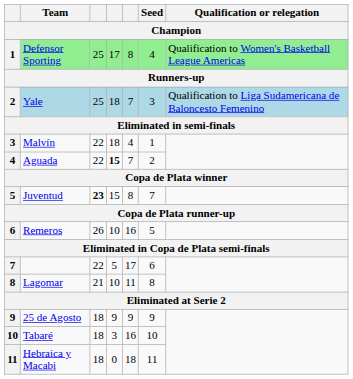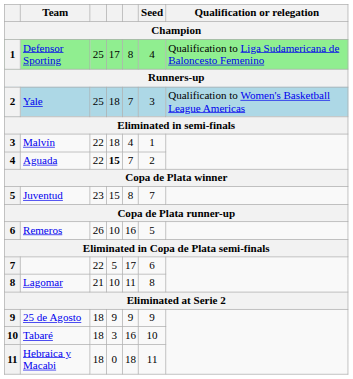 <table class="wikitable" width=80% style= align:center">
 <tr>
 <th></th>
 <th width:45%>Team</th>
 <th></th>
 <th></th>
 <th></th>
 <th>Seed</th>
 <th>Qualification or relegation</th>
 </tr>
 <tr>
 <th colspan="7">Champion</th>
 </tr>
 <tr bgcolor="lightgreen">
 <th>1</th>
 <td><a href='#'>Defensor Sporting</a></td>
 <td align="center">25</td>
 <td align="center">17</td>
 <td align="center">8</td>
 <td align="center">4</td>
-<td>Qualification to <a href='#'>Women's Basketball League Americas</a></td>
+<td>Qualification to <a href='#'>Liga Sudamericana de Baloncesto Femenino</a></td>
 </tr>
 <tr>
 <th colspan="7">Runners-up</th>
 </tr>
 <tr bgcolor="lightblue">
 <th>2</th>
 <td><a href='#'>Yale</a></td>
 <td align="center">25</td>
 <td align="center">18</td>
 <td align="center">7</td>
 <td align="center">3</td>
-<td>Qualification to <a href='#'>Liga Sudamericana de Baloncesto Femenino</a></td>
+<td>Qualification to <a href='#'>Women's Basketball League Americas</a></td>
 </tr>
 <tr>
 <th colspan="7">Eliminated in semi-finals</th>
 </tr>
 <tr>
 <th>3</th>
 <td><a href='#'>Malvín</a></td>
 <td align="center">22</td>
 <td align="center">18</td>
 <td align="center">4</td>
 <td align="center">1</td>
 <td rowspan="2"></td>
 </tr>
 <tr>
 <th>4</th>
 <td><a href='#'>Aguada</a></td>
 <td align="center">22</td>
 <td align="center"><strong>15</strong></td>
 <td align="center">7</td>
 <td align="center">2</td>
 </tr>
 <tr>
 <th colspan="7">Copa de Plata winner</th>
 </tr>
 <tr>
 <th>5</th>
 <td><a href='#'>Juventud</a></td>
-<td align="center"><strong>23</strong></td>
+<td align="center">23</td>
 <td align="center">15</td>
 <td align="center">8</td>
 <td align="center">7</td>
 <td></td>
 </tr>
 <tr>
 <th colspan="7">Copa de Plata runner-up</th>
 </tr>
 <tr>
 <th>6</th>
 <td><a href='#'>Remeros</a></td>
 <td align="center">26</td>
 <td align="center">10</td>
 <td align="center">16</td>
 <td align="center">5</td>
 <td></td>
 </tr>
 <tr>
 <th colspan="7">Eliminated in Copa de Plata semi-finals</th>
 </tr>
 <tr>
 <th>7</th>
 <td></td>
 <td align="center">22</td>
 <td align="center">5</td>
 <td align="center">17</td>
 <td align="center">6</td>
 <td rowspan="2"></td>
 </tr>
 <tr>
 <th>8</th>
 <td><a href='#'>Lagomar</a></td>
 <td align="center">21</td>
 <td align="center">10</td>
 <td align="center">11</td>
 <td align="center">8</td>
 </tr>
 <tr>
 <th colspan="7">Eliminated at Serie 2</th>
 </tr>
 <tr>
 <th>9</th>
 <td><a href='#'>25 de Agosto</a></td>
 <td align="center">18</td>
 <td align="center">9</td>
 <td align="center">9</td>
 <td align="center">9</td>
 <td rowspan="3"></td>
 </tr>
 <tr>
 <th>10</th>
 <td><a href='#'>Tabaré</a></td>
 <td align="center">18</td>
 <td align="center">3</td>
 <td align="center">16</td>
 <td align="center">10</td>
 </tr>
 <tr>
 <th>11</th>
 <td><a href='#'>Hebraica y Macabi</a></td>
 <td align="center">18</td>
 <td align="center">0</td>
 <td align="center">18</td>
 <td align="center">11</td>
 </tr>
 </table>
